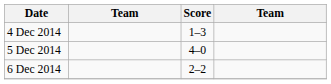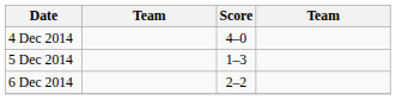 <table class="wikitable" width=50%>
 <tr>
 <th width=20%>Date</th>
 <th width=35%>Team</th>
 <th width=10%>Score</th>
 <th width=35%>Team</th>
 </tr>
 <tr>
 <td>4 Dec 2014</td>
 <td style="text-align:right;"></td>
-<td style="text-align:center;">1–3</td>
+<td style="text-align:center;">4–0</td>
 <td></td>
 </tr>
 <tr>
 <td>5 Dec 2014</td>
 <td style="text-align:right;"></td>
-<td style="text-align:center;">4–0</td>
+<td style="text-align:center;">1–3</td>
 <td></td>
 </tr>
 <tr>
 <td>6 Dec 2014</td>
 <td style="text-align:right;"></td>
 <td style="text-align:center;">2–2</td>
 <td></td>
 </tr>
 <tr>
 </tr>
 </table>
